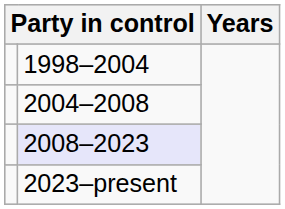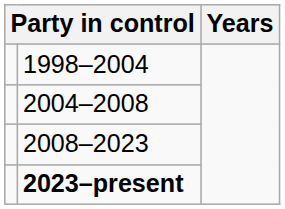 <table class="wikitable">
 <tr>
 <th colspan="2">Party in control</th>
 <th>Years</th>
 </tr>
 <tr>
 <td></td>
 <td>1998–2004</td>
 </tr>
 <tr>
 <td></td>
 <td>2004–2008</td>
 </tr>
 <tr>
 <td></td>
-<td style="background: lavender;">2008–2023</td>
+<td>2008–2023</td>
 </tr>
 <tr>
 <td></td>
-<td>2023–present</td>
+<td><strong>2023–present</strong></td>
 </tr>
 </table>
